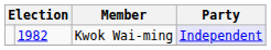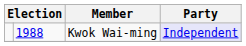 <table class="wikitable">
 <tr>
 <th colspan="2">Election</th>
 <th>Member</th>
 <th>Party</th>
 </tr>
 <tr>
 <td style="background-color: "></td>
-<td><a href='#'>1982</a></td>
+<td><a href='#'>1988</a></td>
 <td>Kwok Wai-ming</td>
 <td style="background: lavender;"><a href='#'>Independent</a></td>
 </tr>
 <tr>
 </tr>
 </table>
